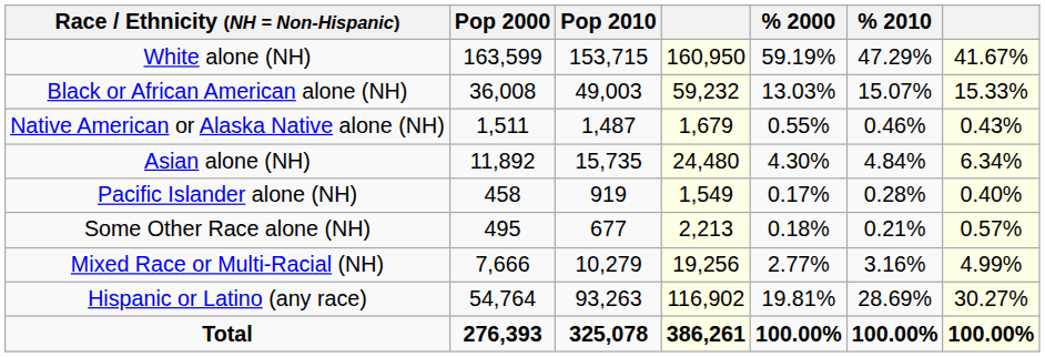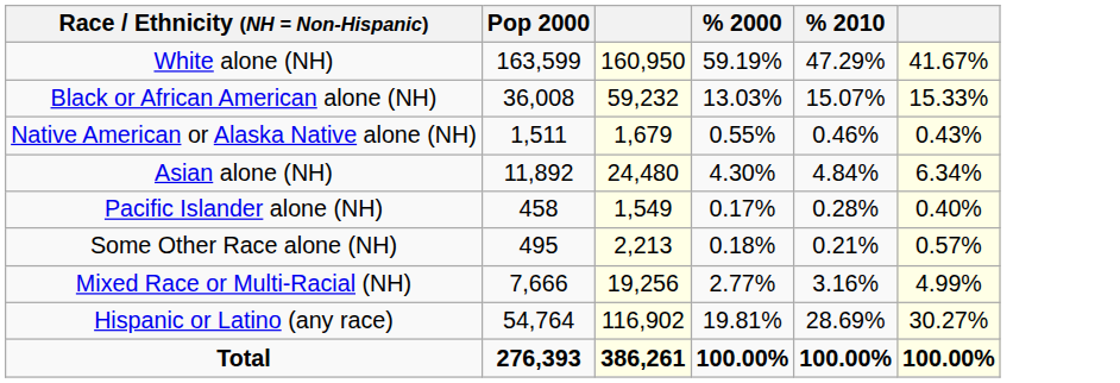 <table class="wikitable" style="text-align:center;">
 <tr>
 <th>Race / Ethnicity <small>(<em>NH = Non-Hispanic</em>)</small></th>
 <th>Pop 2000</th>
-<th>Pop 2010</th>
 <th></th>
 <th>% 2000</th>
 <th>% 2010</th>
 <th></th>
 </tr>
 <tr>
 <td><a href='#'>White</a> alone (NH)</td>
 <td>163,599</td>
-<td>153,715</td>
 <td style='background: #ffffe6;'>160,950</td>
 <td>59.19%</td>
 <td>47.29%</td>
 <td style='background: #ffffe6;'>41.67%</td>
 </tr>
 <tr>
 <td><a href='#'>Black or African American</a> alone (NH)</td>
 <td>36,008</td>
-<td>49,003</td>
 <td style='background: #ffffe6;'>59,232</td>
 <td>13.03%</td>
 <td>15.07%</td>
 <td style='background: #ffffe6;'>15.33%</td>
 </tr>
 <tr>
 <td><a href='#'>Native American</a> or <a href='#'>Alaska Native</a> alone (NH)</td>
 <td>1,511</td>
-<td>1,487</td>
 <td style='background: #ffffe6;'>1,679</td>
 <td>0.55%</td>
 <td>0.46%</td>
 <td style='background: #ffffe6;'>0.43%</td>
 </tr>
 <tr>
 <td><a href='#'>Asian</a> alone (NH)</td>
 <td>11,892</td>
-<td>15,735</td>
 <td style='background: #ffffe6;'>24,480</td>
 <td>4.30%</td>
 <td>4.84%</td>
 <td style='background: #ffffe6;'>6.34%</td>
 </tr>
 <tr>
 <td><a href='#'>Pacific Islander</a> alone (NH)</td>
 <td>458</td>
-<td>919</td>
 <td style='background: #ffffe6;'>1,549</td>
 <td>0.17%</td>
 <td>0.28%</td>
 <td style='background: #ffffe6;'>0.40%</td>
 </tr>
 <tr>
 <td>Some Other Race alone (NH)</td>
 <td>495</td>
-<td>677</td>
 <td style='background: #ffffe6;'>2,213</td>
 <td>0.18%</td>
 <td>0.21%</td>
 <td style='background: #ffffe6;'>0.57%</td>
 </tr>
 <tr>
 <td><a href='#'>Mixed Race or Multi-Racial</a> (NH)</td>
 <td>7,666</td>
-<td>10,279</td>
 <td style='background: #ffffe6;'>19,256</td>
 <td>2.77%</td>
 <td>3.16%</td>
 <td style='background: #ffffe6;'>4.99%</td>
 </tr>
 <tr>
 <td><a href='#'>Hispanic or Latino</a> (any race)</td>
 <td>54,764</td>
-<td>93,263</td>
 <td style='background: #ffffe6;'>116,902</td>
 <td>19.81%</td>
 <td>28.69%</td>
 <td style='background: #ffffe6;'>30.27%</td>
 </tr>
 <tr>
 <td><strong>Total</strong></td>
 <td><strong>276,393</strong></td>
-<td><strong>325,078</strong></td>
 <td style='background: #ffffe6;'><strong>386,261</strong></td>
 <td><strong>100.00%</strong></td>
 <td><strong>100.00%</strong></td>
 <td style='background: #ffffe6;'><strong>100.00%</strong></td>
 </tr>
 </table>
